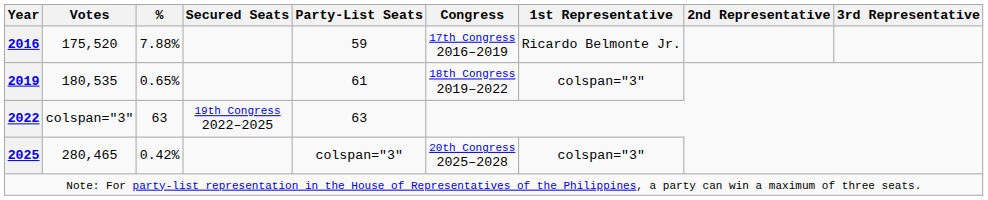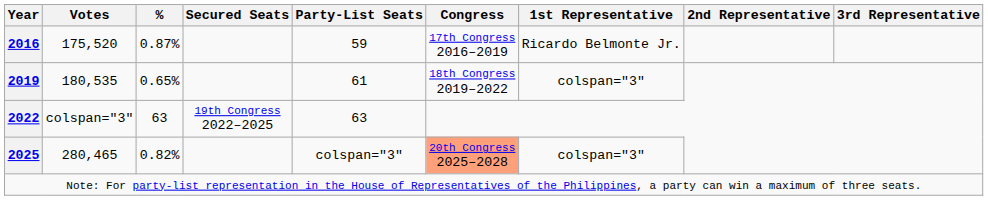 <table class="wikitable" style="text-align:center">
 <tr>
 <th>Year</th>
 <th>Votes</th>
 <th>%</th>
 <th>Secured Seats</th>
 <th>Party-List Seats</th>
 <th>Congress</th>
 <th>1st Representative</th>
 <th>2nd Representative</th>
 <th>3rd Representative</th>
 </tr>
 <tr>
 <th><a href='#'>2016</a></th>
 <td>175,520</td>
-<td>7.88%</td>
+<td>0.87%</td>
 <td></td>
 <td>59</td>
 <td><small><a href='#'>17th Congress</a></small><br>2016–2019</td>
 <td>Ricardo Belmonte Jr.</td>
 <td></td>
 <td></td>
 </tr>
 <tr>
 <th><a href='#'>2019</a></th>
 <td>180,535</td>
 <td>0.65%</td>
 <td></td>
 <td>61</td>
 <td><small><a href='#'>18th Congress</a></small><br>2019–2022</td>
 <td>colspan="3" </td>
 </tr>
 <tr>
 <th><a href='#'>2022</a></th>
 <td>colspan="3" </td>
 <td>63</td>
 <td><small><a href='#'>19th Congress</a></small><br>2022–2025</td>
 <td>63</td>
 </tr>
 <tr>
 <th><a href='#'>2025</a></th>
 <td>280,465</td>
-<td>0.42%</td>
+<td>0.82%</td>
 <td></td>
 <td>colspan="3" </td>
-<td><small><a href='#'>20th Congress</a></small><br>2025–2028</td>
+<td style="background: lightsalmon;"><small><a href='#'>20th Congress</a></small><br>2025–2028</td>
 <td>colspan="3" </td>
 </tr>
 <tr>
 <td colspan="9"><small>Note: For <a href='#'>party-list representation in the House of Representatives of the Philippines</a>, a party can win a maximum of three seats.</small></td>
 </tr>
 </table>
